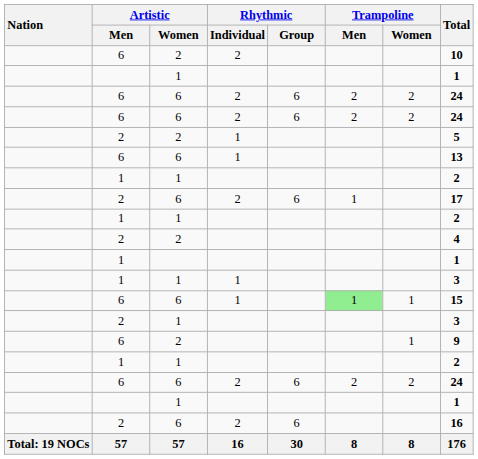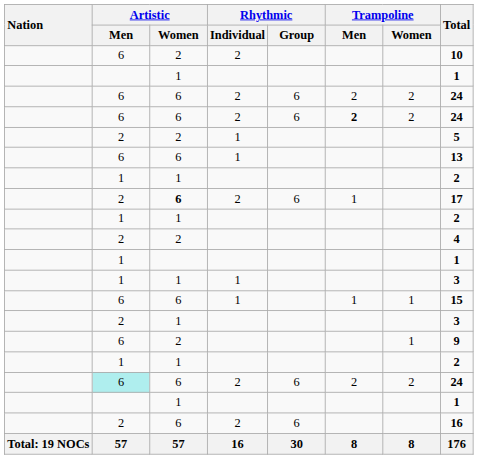 <table class="wikitable" style="text-align:center; font-size:90%">
 <tr>
 <th rowspan="2" style="text-align:left;">Nation</th>
 <th colspan="2"><a href='#'>Artistic</a></th>
 <th colspan="2"><a href='#'>Rhythmic</a></th>
 <th colspan=2><a href='#'>Trampoline</a></th>
 <th rowspan="2">Total</th>
 </tr>
 <tr>
 <th width=60>Men</th>
 <th width=60>Women</th>
 <th width=60>Individual</th>
 <th width=60>Group</th>
 <th width=60>Men</th>
 <th width=60>Women</th>
 </tr>
 <tr>
 <td style="text-align:left;"></td>
 <td>6</td>
 <td>2</td>
 <td>2</td>
 <td></td>
 <td></td>
 <td></td>
 <td><strong>10</strong></td>
 </tr>
 <tr>
 <td style="text-align:left;"></td>
 <td></td>
 <td>1</td>
 <td></td>
 <td></td>
 <td></td>
 <td></td>
 <td><strong>1</strong></td>
 </tr>
 <tr>
 <td style="text-align:left;"></td>
 <td>6</td>
 <td>6</td>
 <td>2</td>
 <td>6</td>
 <td>2</td>
 <td>2</td>
 <td><strong>24</strong></td>
 </tr>
 <tr>
 <td style="text-align:left;"></td>
 <td>6</td>
 <td>6</td>
 <td>2</td>
 <td>6</td>
-<td>2</td>
+<td><strong>2</strong></td>
 <td>2</td>
 <td><strong>24</strong></td>
 </tr>
 <tr>
 <td style="text-align:left;"></td>
 <td>2</td>
 <td>2</td>
 <td>1</td>
 <td></td>
 <td></td>
 <td></td>
 <td><strong>5</strong></td>
 </tr>
 <tr>
 <td style="text-align:left;"></td>
 <td>6</td>
 <td>6</td>
 <td>1</td>
 <td></td>
 <td></td>
 <td></td>
 <td><strong>13</strong></td>
 </tr>
 <tr>
 <td style="text-align:left;"></td>
 <td>1</td>
 <td>1</td>
 <td></td>
 <td></td>
 <td></td>
 <td></td>
 <td><strong>2</strong></td>
 </tr>
 <tr>
 <td style="text-align:left;"></td>
 <td>2</td>
-<td>6</td>
+<td><strong>6</strong></td>
 <td>2</td>
 <td>6</td>
 <td>1</td>
 <td></td>
 <td><strong>17</strong></td>
 </tr>
 <tr>
 <td style="text-align:left;"></td>
 <td>1</td>
 <td>1</td>
 <td></td>
 <td></td>
 <td></td>
 <td></td>
 <td><strong>2</strong></td>
 </tr>
 <tr>
 <td style="text-align:left;"></td>
 <td>2</td>
 <td>2</td>
 <td></td>
 <td></td>
 <td></td>
 <td></td>
 <td><strong>4</strong></td>
 </tr>
 <tr>
 <td style="text-align:left;"></td>
 <td>1</td>
 <td></td>
 <td></td>
 <td></td>
 <td></td>
 <td></td>
 <td><strong>1</strong></td>
 </tr>
 <tr>
 <td style="text-align:left;"></td>
 <td>1</td>
 <td>1</td>
 <td>1</td>
 <td></td>
 <td></td>
 <td></td>
 <td><strong>3</strong></td>
 </tr>
 <tr>
 <td style="text-align:left;"></td>
 <td>6</td>
 <td>6</td>
 <td>1</td>
 <td></td>
-<td style="background: lightgreen;">1</td>
+<td>1</td>
 <td>1</td>
 <td><strong>15</strong></td>
 </tr>
 <tr>
 <td style="text-align:left;"></td>
 <td>2</td>
 <td>1</td>
 <td></td>
 <td></td>
 <td></td>
 <td></td>
 <td><strong>3</strong></td>
 </tr>
 <tr>
 <td style="text-align:left;"></td>
 <td>6</td>
 <td>2</td>
 <td></td>
 <td></td>
 <td></td>
 <td>1</td>
 <td><strong>9</strong></td>
 </tr>
 <tr>
 <td style="text-align:left;"></td>
 <td>1</td>
 <td>1</td>
 <td></td>
 <td></td>
 <td></td>
 <td></td>
 <td><strong>2</strong></td>
 </tr>
 <tr>
 <td style="text-align:left;"></td>
-<td>6</td>
+<td style="background: paleturquoise;">6</td>
 <td>6</td>
 <td>2</td>
 <td>6</td>
 <td>2</td>
 <td>2</td>
 <td><strong>24</strong></td>
 </tr>
 <tr>
 <td style="text-align:left;"></td>
 <td></td>
 <td>1</td>
 <td></td>
 <td></td>
 <td></td>
 <td></td>
 <td><strong>1</strong></td>
 </tr>
 <tr>
 <td style="text-align:left;"></td>
 <td>2</td>
 <td>6</td>
 <td>2</td>
 <td>6</td>
 <td></td>
 <td></td>
 <td><strong>16</strong></td>
 </tr>
 <tr>
 <th>Total: 19 NOCs</th>
 <th>57</th>
 <th>57</th>
 <th>16</th>
 <th>30</th>
 <th>8</th>
 <th>8</th>
 <th>176</th>
 </tr>
 </table>
